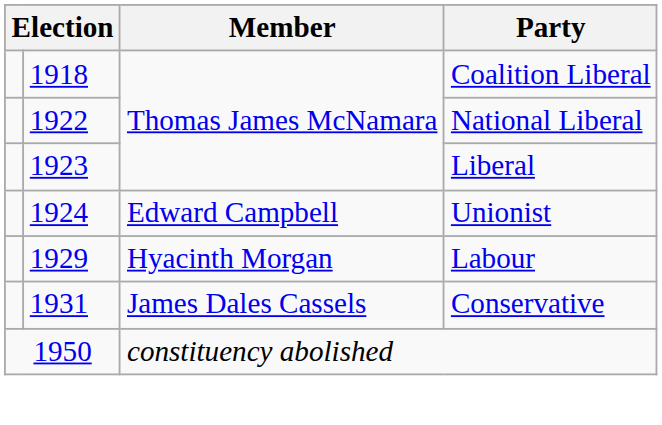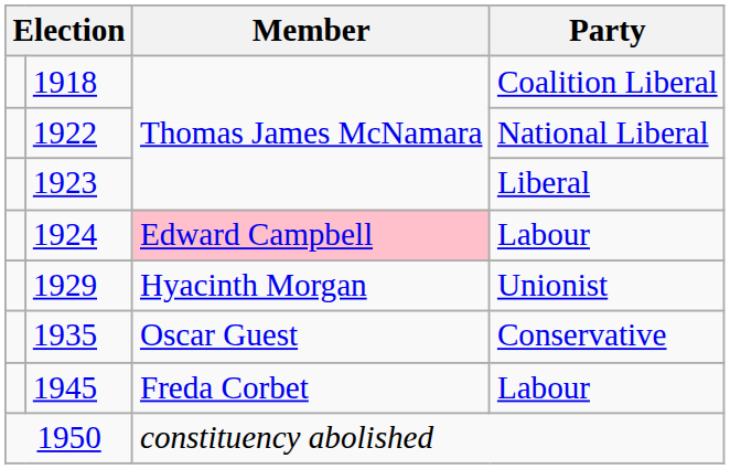 <table class="wikitable">
 <tr>
 <th colspan="2">Election</th>
 <th>Member</th>
 <th>Party</th>
 </tr>
 <tr>
 <td style="color:inherit;background-color: "></td>
 <td><a href='#'>1918</a></td>
 <td rowspan="3"><a href='#'>Thomas James McNamara</a></td>
 <td><a href='#'>Coalition Liberal</a></td>
 </tr>
 <tr>
 <td style="color:inherit;background-color: "></td>
 <td><a href='#'>1922</a></td>
 <td><a href='#'>National Liberal</a></td>
 </tr>
 <tr>
 <td style="color:inherit;background-color: "></td>
 <td><a href='#'>1923</a></td>
 <td><a href='#'>Liberal</a></td>
 </tr>
 <tr>
 <td style="color:inherit;background-color: "></td>
 <td><a href='#'>1924</a></td>
-<td><a href='#'>Edward Campbell</a></td>
-<td><a href='#'>Unionist</a></td>
+<td style="background: pink;"><a href='#'>Edward Campbell</a></td>
+<td><a href='#'>Labour</a></td>
 </tr>
 <tr>
 <td style="color:inherit;background-color: "></td>
 <td><a href='#'>1929</a></td>
 <td><a href='#'>Hyacinth Morgan</a></td>
-<td><a href='#'>Labour</a></td>
+<td><a href='#'>Unionist</a></td>
 </tr>
 <tr>
 <td style="color:inherit;background-color: "></td>
-<td><a href='#'>1931</a></td>
-<td><a href='#'>James Dales Cassels</a></td>
+<td><a href='#'>1935</a></td>
+<td><a href='#'>Oscar Guest</a></td>
 <td><a href='#'>Conservative</a></td>
+</tr>
+<tr>
+<td style="color:inherit;background-color: "></td>
+<td><a href='#'>1945</a></td>
+<td><a href='#'>Freda Corbet</a></td>
+<td><a href='#'>Labour</a></td>
 </tr>
 <tr>
 <td colspan="2" align="center"><a href='#'>1950</a></td>
 <td colspan="2"><em>constituency abolished</em></td>
 </tr>
 </table>
